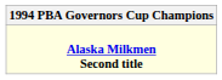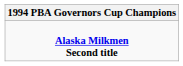 <table class=wikitable style="text-align:center; margin:auto">
 <tr>
 <th>1994 PBA Governors Cup Champions</th>
 </tr>
 <tr>
-<td style="background: lightyellow;"><br> <strong><a href='#'>Alaska Milkmen</a></strong> <br> <strong>Second title</strong></td>
+<td><br> <strong><a href='#'>Alaska Milkmen</a></strong> <br> <strong>Second title</strong></td>
 </tr>
 </table>
